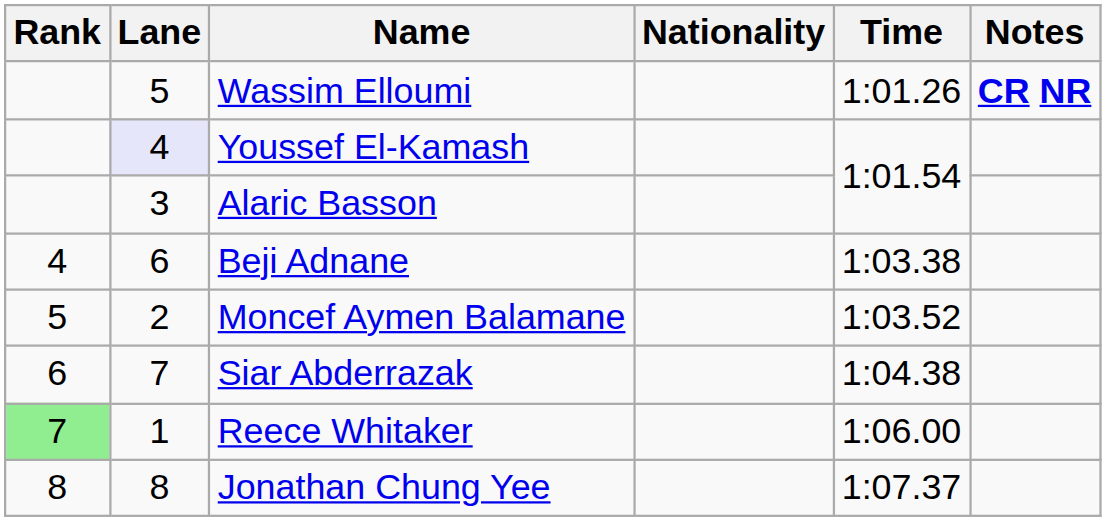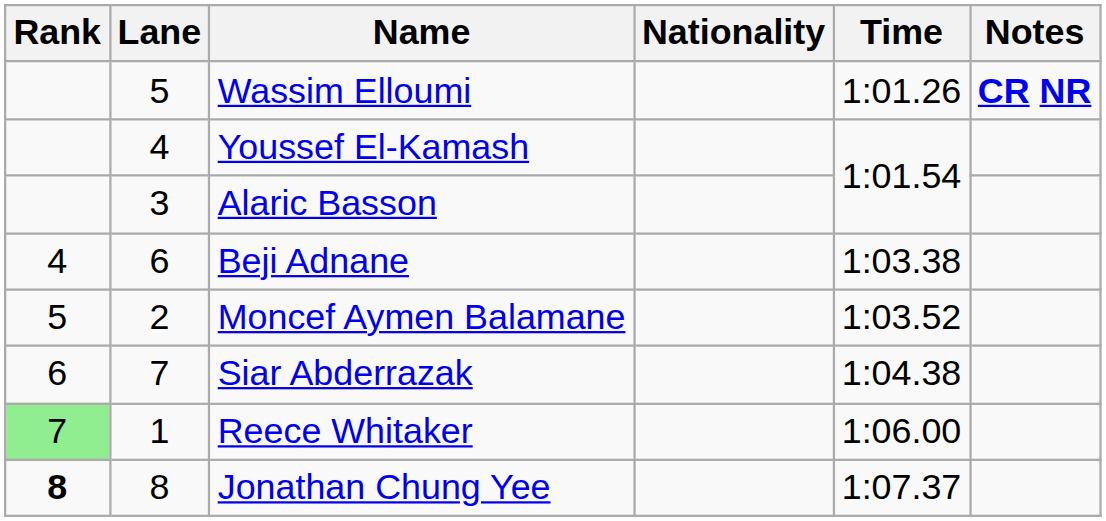 <table class="wikitable sortable" style="text-align:center">
 <tr>
 <th>Rank</th>
 <th>Lane</th>
 <th>Name</th>
 <th>Nationality</th>
 <th>Time</th>
 <th>Notes</th>
 </tr>
 <tr>
 <td></td>
 <td>5</td>
 <td align=left><a href='#'>Wassim Elloumi</a></td>
 <td align=left></td>
 <td>1:01.26</td>
 <td><strong><a href='#'>CR</a></strong> <strong><a href='#'>NR</a></strong></td>
 </tr>
 <tr>
 <td></td>
-<td style="background: lavender;">4</td>
+<td>4</td>
 <td align=left><a href='#'>Youssef El-Kamash</a></td>
 <td align=left></td>
 <td rowspan=2>1:01.54</td>
 <td></td>
 </tr>
 <tr>
 <td></td>
 <td>3</td>
 <td align=left><a href='#'>Alaric Basson</a></td>
 <td align=left></td>
 <td></td>
 </tr>
 <tr>
 <td>4</td>
 <td>6</td>
 <td align=left><a href='#'>Beji Adnane</a></td>
 <td align=left></td>
 <td>1:03.38</td>
 <td></td>
 </tr>
 <tr>
 <td>5</td>
 <td>2</td>
 <td align=left><a href='#'>Moncef Aymen Balamane</a></td>
 <td align=left></td>
 <td>1:03.52</td>
 <td></td>
 </tr>
 <tr>
 <td>6</td>
 <td>7</td>
 <td align=left><a href='#'>Siar Abderrazak</a></td>
 <td align=left></td>
 <td>1:04.38</td>
 <td></td>
 </tr>
 <tr>
 <td style="background: lightgreen;">7</td>
 <td>1</td>
 <td align=left><a href='#'>Reece Whitaker</a></td>
 <td align=left></td>
 <td>1:06.00</td>
 <td></td>
 </tr>
 <tr>
-<td>8</td>
+<td><strong>8</strong></td>
 <td>8</td>
 <td align=left><a href='#'>Jonathan Chung Yee</a></td>
 <td align=left></td>
 <td>1:07.37</td>
 <td></td>
 </tr>
 </table>
